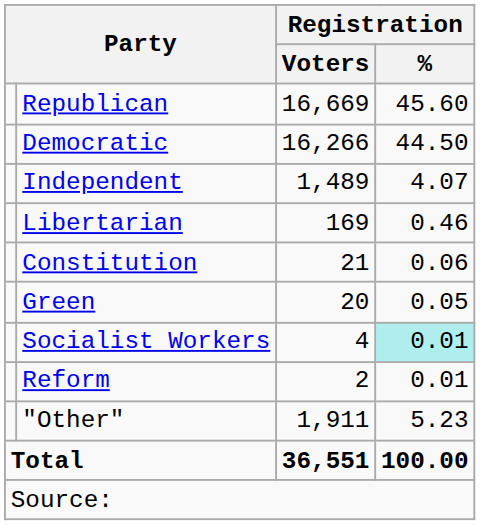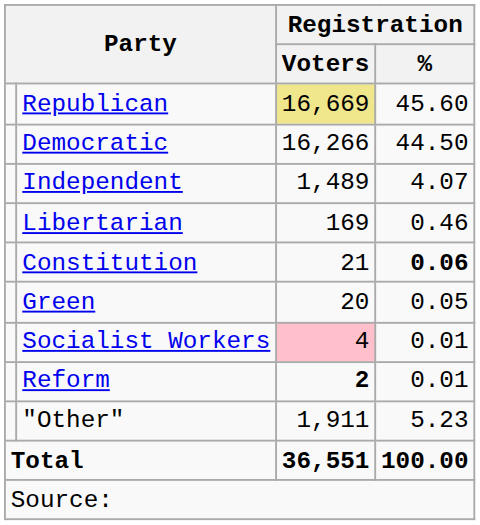 <table class="wikitable">
 <tr>
 <th colspan="2" rowspan="2">Party</th>
 <th colspan="2">Registration</th>
 </tr>
 <tr>
 <th>Voters</th>
 <th>%</th>
 </tr>
 <tr>
 <td style="background-color:"></td>
 <td><a href='#'>Republican</a></td>
-<td style="text-align:right;">16,669</td>
+<td style="background: khaki; text-align:right;">16,669</td>
 <td style="text-align:right;">45.60</td>
 </tr>
 <tr>
 <td style="background-color:"></td>
 <td><a href='#'>Democratic</a></td>
 <td style="text-align:right;">16,266</td>
 <td style="text-align:right;">44.50</td>
 </tr>
 <tr>
 <td style="background-color:"></td>
 <td><a href='#'>Independent</a></td>
 <td style="text-align:right;">1,489</td>
 <td style="text-align:right;">4.07</td>
 </tr>
 <tr>
 <td style="background-color:"></td>
 <td><a href='#'>Libertarian</a></td>
 <td style="text-align:right;">169</td>
 <td style="text-align:right;">0.46</td>
 </tr>
 <tr>
 <td style="background-color:"></td>
 <td><a href='#'>Constitution</a></td>
 <td style="text-align:right;">21</td>
-<td style="text-align:right;">0.06</td>
+<td style="text-align:right;"><strong>0.06</strong></td>
 </tr>
 <tr>
 <td style="background-color:"></td>
 <td><a href='#'>Green</a></td>
 <td style="text-align:right;">20</td>
 <td style="text-align:right;">0.05</td>
 </tr>
 <tr>
 <td style="background-color:"></td>
 <td><a href='#'>Socialist Workers</a></td>
-<td style="text-align:right;">4</td>
-<td style="background: paleturquoise; text-align:right;">0.01</td>
+<td style="background: pink; text-align:right;">4</td>
+<td style="text-align:right;">0.01</td>
 </tr>
 <tr>
 <td style="background-color:"></td>
 <td><a href='#'>Reform</a></td>
-<td style="text-align:right;">2</td>
+<td style="text-align:right;"><strong>2</strong></td>
 <td style="text-align:right;">0.01</td>
 </tr>
 <tr>
 <td></td>
 <td>"Other"</td>
 <td style="text-align:right;">1,911</td>
 <td style="text-align:right;">5.23</td>
 </tr>
 <tr>
 <td colspan="2"><strong>Total</strong></td>
 <td style="text-align:right;"><strong>36,551</strong></td>
 <td style="text-align:right;"><strong>100.00</strong></td>
 </tr>
 <tr>
 <td colspan="4">Source: <em></em></td>
 </tr>
 </table>
